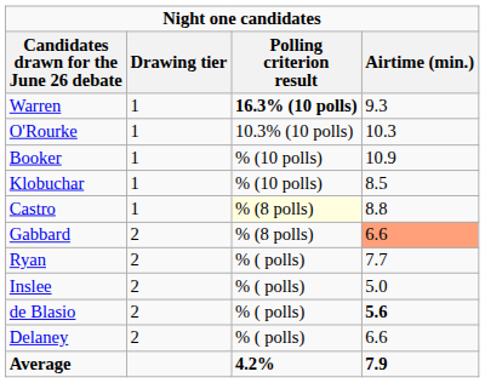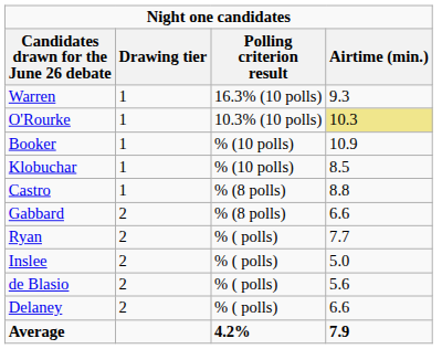 <table class="wikitable sortable" style="display:inline-table;line-height:16px;">
 <tr>
 <td colspan="4" style="text-align: center;"><strong>Night one candidates</strong></td>
 </tr>
 <tr>
 <th>Candidates<br> drawn for the<br> June 26 debate</th>
 <th>Drawing tier</th>
 <th>Polling<br> criterion<br> result</th>
 <th>Airtime (min.)</th>
 </tr>
 <tr>
 <td><a href='#'>Warren</a></td>
 <td>1</td>
-<td><strong>16.3% (10 polls)</strong></td>
+<td>16.3% (10 polls)</td>
 <td>9.3</td>
 </tr>
 <tr>
 <td><a href='#'>O'Rourke</a></td>
 <td>1</td>
 <td>10.3% (10 polls)</td>
-<td>10.3</td>
+<td style="background: khaki;">10.3</td>
 </tr>
 <tr>
 <td><a href='#'>Booker</a></td>
 <td>1</td>
 <td>% (10 polls)</td>
 <td>10.9</td>
 </tr>
 <tr>
 <td><a href='#'>Klobuchar</a></td>
 <td>1</td>
 <td>% (10 polls)</td>
 <td>8.5</td>
 </tr>
 <tr>
 <td><a href='#'>Castro</a></td>
 <td>1</td>
-<td style="background: lightyellow;">% (8 polls)</td>
+<td>% (8 polls)</td>
 <td>8.8</td>
 </tr>
 <tr>
 <td><a href='#'>Gabbard</a></td>
 <td>2</td>
 <td>% (8 polls)</td>
-<td style="background: lightsalmon;">6.6</td>
+<td>6.6</td>
 </tr>
 <tr>
 <td><a href='#'>Ryan</a></td>
 <td>2</td>
 <td>% ( polls)</td>
 <td>7.7</td>
 </tr>
 <tr>
 <td><a href='#'>Inslee</a></td>
 <td>2</td>
 <td>% ( polls)</td>
 <td>5.0</td>
 </tr>
 <tr>
 <td><a href='#'>de Blasio</a></td>
 <td>2</td>
 <td>% ( polls)</td>
-<td><strong>5.6</strong></td>
+<td>5.6</td>
 </tr>
 <tr>
 <td><a href='#'>Delaney</a></td>
 <td>2</td>
 <td>% ( polls)</td>
 <td>6.6</td>
 </tr>
 <tr>
 <td><strong>Average</strong></td>
 <td></td>
 <td><strong>4.2%</strong></td>
 <td><strong>7.9</strong></td>
 </tr>
 </table>
